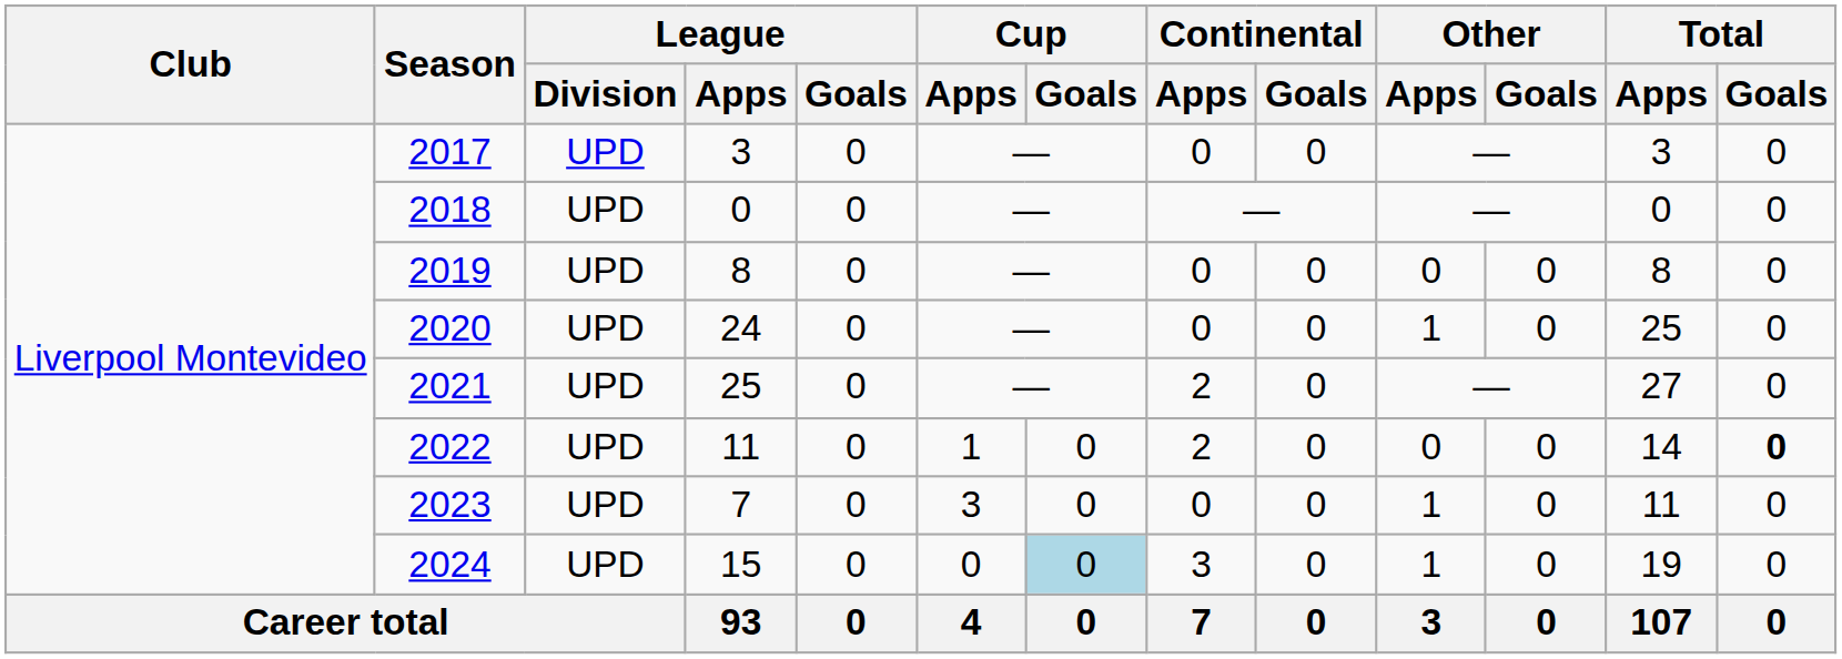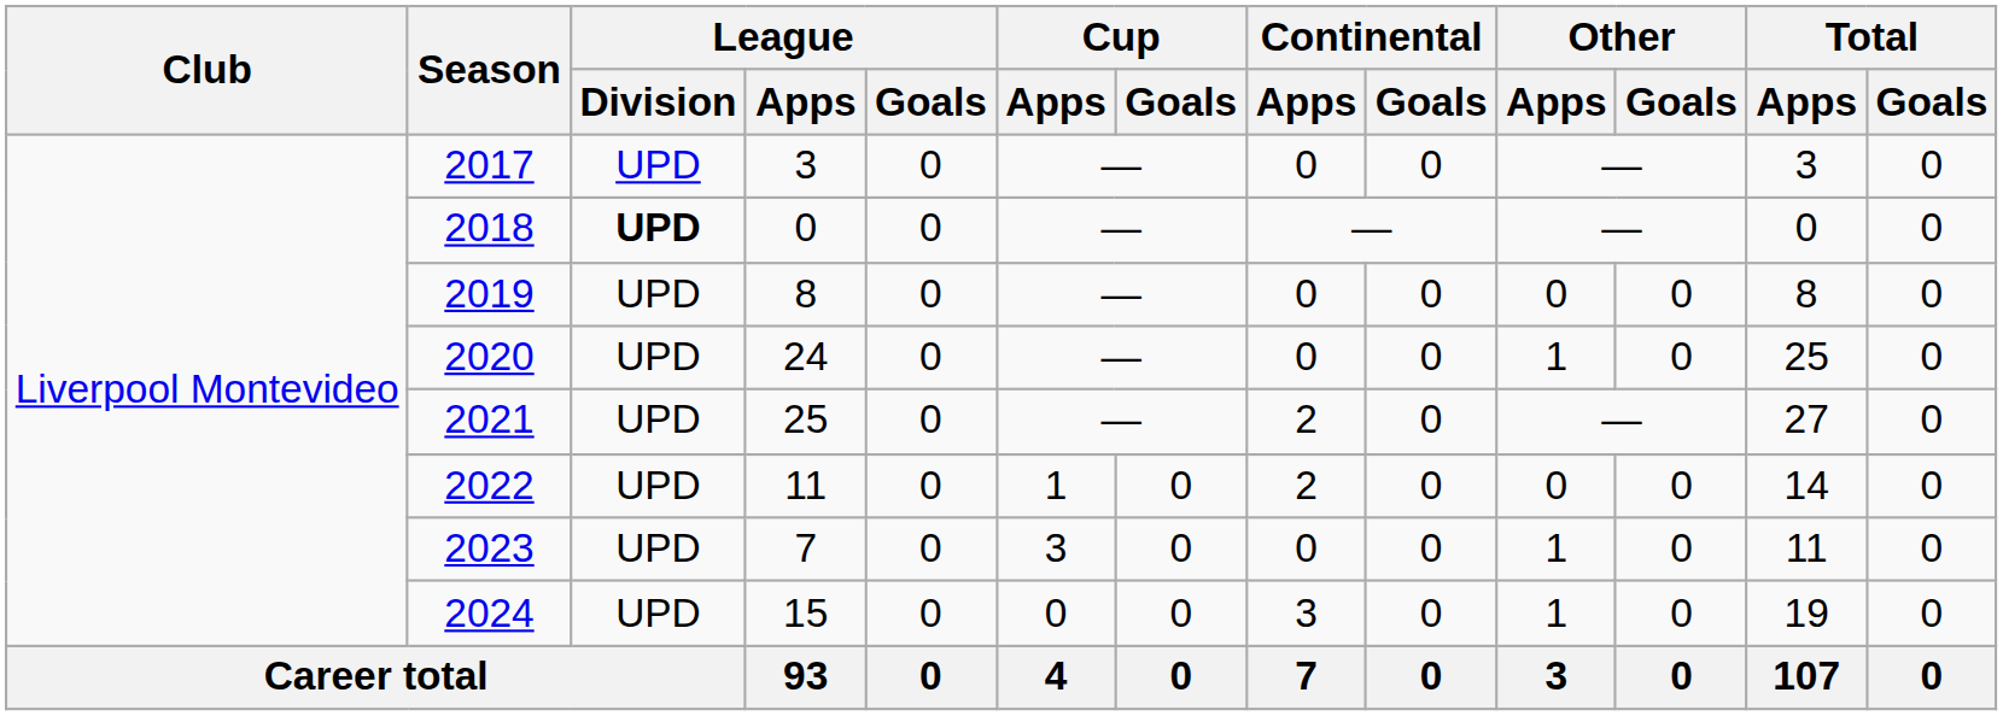 <table class="wikitable" style="text-align: center;">
 <tr>
 <th rowspan="2">Club</th>
 <th rowspan="2">Season</th>
 <th colspan="3">League</th>
 <th colspan="2">Cup</th>
 <th colspan="2">Continental</th>
 <th colspan="2">Other</th>
 <th colspan="2">Total</th>
 </tr>
 <tr>
 <th>Division</th>
 <th>Apps</th>
 <th>Goals</th>
 <th>Apps</th>
 <th>Goals</th>
 <th>Apps</th>
 <th>Goals</th>
 <th>Apps</th>
 <th>Goals</th>
 <th>Apps</th>
 <th>Goals</th>
 </tr>
 <tr>
 <td rowspan="8"><a href='#'>Liverpool Montevideo</a></td>
 <td><a href='#'>2017</a></td>
 <td><a href='#'>UPD</a></td>
 <td>3</td>
 <td>0</td>
 <td colspan="2">—</td>
 <td>0</td>
 <td>0</td>
 <td colspan="2">—</td>
 <td>3</td>
 <td>0</td>
 </tr>
 <tr>
 <td><a href='#'>2018</a></td>
-<td>UPD</td>
+<td><strong>UPD</strong></td>
 <td>0</td>
 <td>0</td>
 <td colspan="2">—</td>
 <td colspan="2">—</td>
 <td colspan="2">—</td>
 <td>0</td>
 <td>0</td>
 </tr>
 <tr>
 <td><a href='#'>2019</a></td>
 <td>UPD</td>
 <td>8</td>
 <td>0</td>
 <td colspan="2">—</td>
 <td>0</td>
 <td>0</td>
 <td>0</td>
 <td>0</td>
 <td>8</td>
 <td>0</td>
 </tr>
 <tr>
 <td><a href='#'>2020</a></td>
 <td>UPD</td>
 <td>24</td>
 <td>0</td>
 <td colspan="2">—</td>
 <td>0</td>
 <td>0</td>
 <td>1</td>
 <td>0</td>
 <td>25</td>
 <td>0</td>
 </tr>
 <tr>
 <td><a href='#'>2021</a></td>
 <td>UPD</td>
 <td>25</td>
 <td>0</td>
 <td colspan="2">—</td>
 <td>2</td>
 <td>0</td>
 <td colspan="2">—</td>
 <td>27</td>
 <td>0</td>
 </tr>
 <tr>
 <td><a href='#'>2022</a></td>
 <td>UPD</td>
 <td>11</td>
 <td>0</td>
 <td>1</td>
 <td>0</td>
 <td>2</td>
 <td>0</td>
 <td>0</td>
 <td>0</td>
 <td>14</td>
-<td><strong>0</strong></td>
+<td>0</td>
 </tr>
 <tr>
 <td><a href='#'>2023</a></td>
 <td>UPD</td>
 <td>7</td>
 <td>0</td>
 <td>3</td>
 <td>0</td>
 <td>0</td>
 <td>0</td>
 <td>1</td>
 <td>0</td>
 <td>11</td>
 <td>0</td>
 </tr>
 <tr>
 <td><a href='#'>2024</a></td>
 <td>UPD</td>
 <td>15</td>
 <td>0</td>
 <td>0</td>
-<td style="background: lightblue;">0</td>
+<td>0</td>
 <td>3</td>
 <td>0</td>
 <td>1</td>
 <td>0</td>
 <td>19</td>
 <td>0</td>
 </tr>
 <tr>
 <th colspan="3">Career total</th>
 <th>93</th>
 <th>0</th>
 <th>4</th>
 <th>0</th>
 <th>7</th>
 <th>0</th>
 <th>3</th>
 <th>0</th>
 <th>107</th>
 <th>0</th>
 </tr>
 </table>
